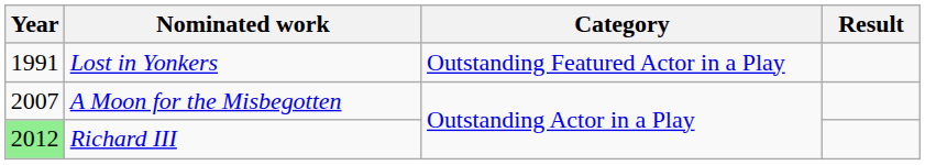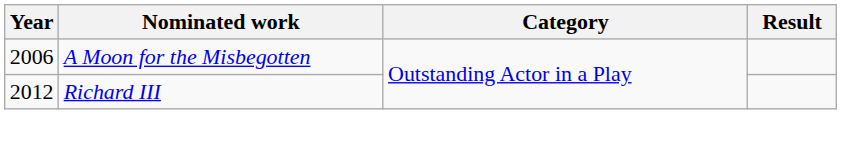 <table class="wikitable">
 <tr>
 <th scope="col" style="width:1em;">Year</th>
 <th scope="col" style="width:30em;">Nominated work</th>
 <th scope="col" style="width:35em;">Category</th>
 <th scope="col" style="width:5em;">Result</th>
 </tr>
 <tr>
-<td>1991</td>
-<td><em><a href='#'>Lost in Yonkers</a></em></td>
-<td><a href='#'>Outstanding Featured Actor in a Play</a></td>
-<td></td>
-</tr>
-<tr>
-<td>2007</td>
+<td>2006</td>
 <td><em><a href='#'>A Moon for the Misbegotten</a></em></td>
 <td rowspan="2"><a href='#'>Outstanding Actor in a Play</a></td>
 <td></td>
 </tr>
 <tr>
-<td style="background: lightgreen;">2012</td>
+<td>2012</td>
 <td><em><a href='#'>Richard III</a></em></td>
 <td></td>
 </tr>
 </table>
